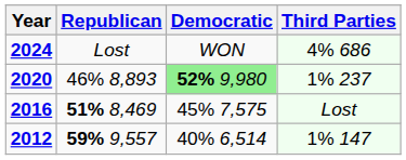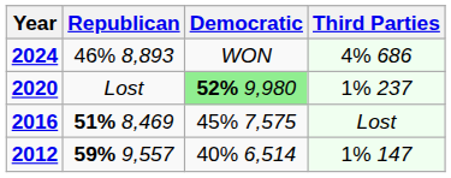 <table class="wikitable" style="float:right; font-size:95%;">
 <tr bgcolor=lightgrey>
 <th>Year</th>
 <th><a href='#'>Republican</a></th>
 <th><a href='#'>Democratic</a></th>
 <th><a href='#'>Third Parties</a></th>
 </tr>
 <tr>
 <td style="text-align:center; "><strong><a href='#'>2024</a></strong></td>
-<td style="text-align:center; "><em>Lost</em></td>
+<td style="text-align:center; ">46% <em>8,893</em></td>
 <td style="text-align:center; "><em>WON</em></td>
 <td style="text-align:center; background:honeyDew;">4% <em>686</em></td>
 </tr>
 <tr>
 <td style="text-align:center; "><strong><a href='#'>2020</a></strong></td>
-<td style="text-align:center; ">46% <em>8,893</em></td>
+<td style="text-align:center; "><em>Lost</em></td>
 <td style="background: lightgreen; text-align:center; "><strong>52%</strong> <em>9,980</em></td>
 <td style="text-align:center; background:honeyDew;">1% <em>237</em></td>
 </tr>
 <tr>
 <td style="text-align:center; "><strong><a href='#'>2016</a></strong></td>
 <td style="text-align:center; "><strong>51%</strong> <em>8,469</em></td>
 <td style="text-align:center; ">45% <em>7,575</em></td>
 <td style="text-align:center; background:honeyDew;"><em>Lost</em></td>
 </tr>
 <tr>
 <td style="text-align:center; "><strong><a href='#'>2012</a></strong></td>
 <td style="text-align:center; "><strong>59%</strong> <em>9,557</em></td>
 <td style="text-align:center; ">40% <em>6,514</em></td>
 <td style="text-align:center; background:honeyDew;">1% <em>147</em></td>
 </tr>
 </table>
